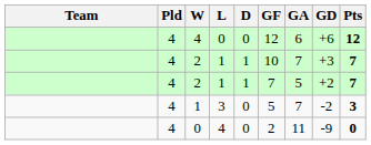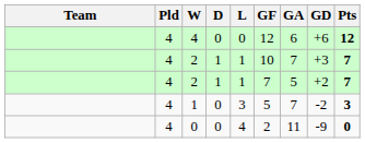 <table class="wikitable" style="text-align: center;">
 <tr>
 <th width="165">Team</th>
 <th width="20">Pld</th>
 <th width="20">W</th>
+<th width="20">D</th>
 <th width="20">L</th>
-<th width="20">D</th>
 <th width="20">GF</th>
 <th width="20">GA</th>
 <th width="20">GD</th>
 <th width="20">Pts</th>
 </tr>
 <tr bgcolor="#CCFFCC">
 <td align=left></td>
 <td>4</td>
 <td>4</td>
 <td>0</td>
 <td>0</td>
 <td>12</td>
 <td>6</td>
 <td>+6</td>
 <td><strong>12</strong></td>
 </tr>
 <tr bgcolor="#CCFFCC">
 <td align=left></td>
 <td>4</td>
 <td>2</td>
 <td>1</td>
 <td>1</td>
 <td>10</td>
 <td>7</td>
 <td>+3</td>
 <td><strong>7</strong></td>
 </tr>
 <tr bgcolor="#CCFFCC">
 <td align=left></td>
 <td>4</td>
 <td>2</td>
 <td>1</td>
 <td>1</td>
 <td>7</td>
 <td>5</td>
 <td>+2</td>
 <td><strong>7</strong></td>
 </tr>
 <tr>
 <td align=left></td>
 <td>4</td>
 <td>1</td>
+<td>0</td>
 <td>3</td>
-<td>0</td>
 <td>5</td>
 <td>7</td>
 <td>-2</td>
 <td><strong>3</strong></td>
 </tr>
 <tr>
 <td align=left></td>
 <td>4</td>
 <td>0</td>
+<td>0</td>
 <td>4</td>
-<td>0</td>
 <td>2</td>
 <td>11</td>
 <td>-9</td>
 <td><strong>0</strong></td>
 </tr>
 </table>
